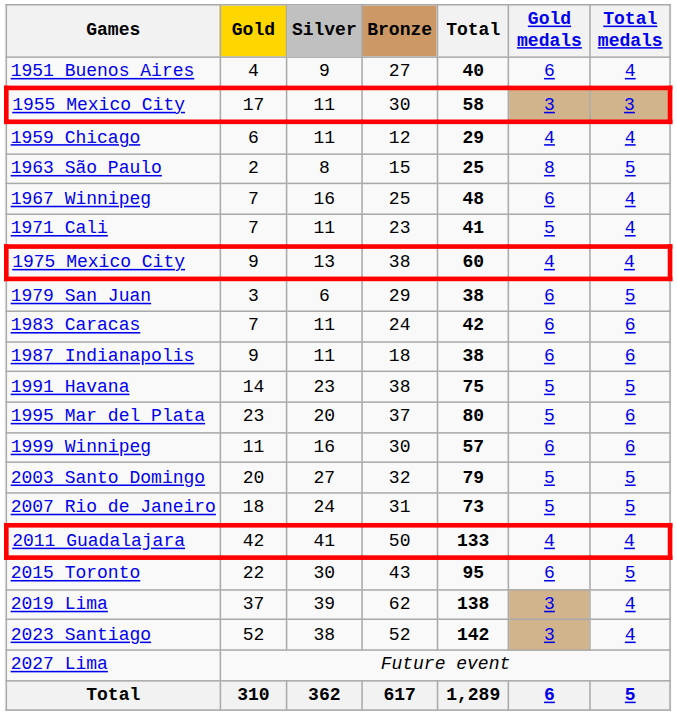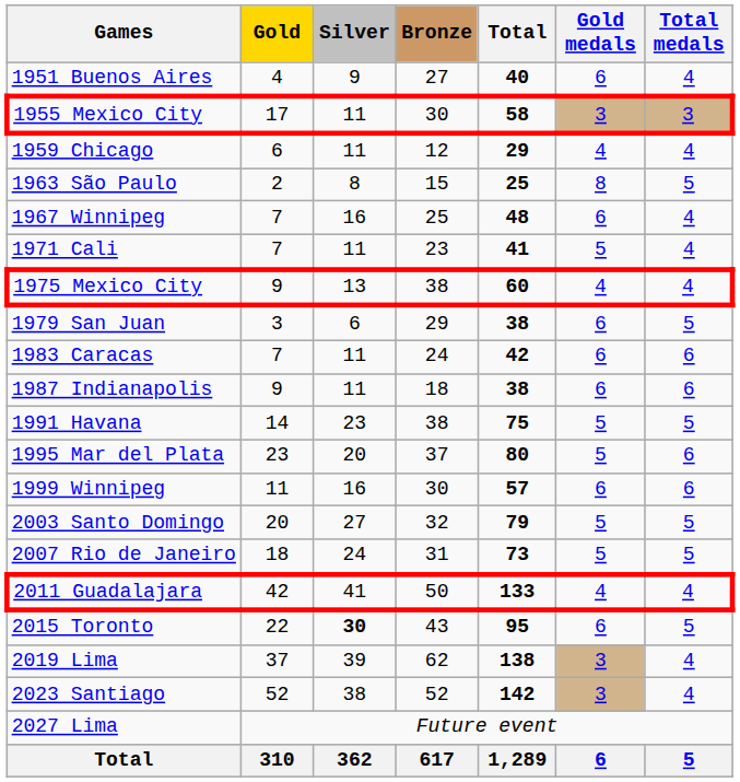 <table class="wikitable" style="text-align:center; font-size:90%;">
 <tr>
 <th>Games</th>
 <td style="background:gold; width:3.2em; font-weight:bold;">Gold</td>
 <td style="background:silver; width:3.7em; font-weight:bold;">Silver</td>
 <td style="background:#c96; width:3.7em; font-weight:bold;">Bronze</td>
 <th style="width:3.5em; font-weight:bold;">Total</th>
 <th style="width:4em; font-weight:bold;"><a href='#'>Gold medals</a></th>
 <th style="width:4em; font-weight:bold;"><a href='#'>Total medals</a></th>
 </tr>
 <tr>
 <td align="left"> <a href='#'>1951 Buenos Aires</a></td>
 <td>4</td>
 <td>9</td>
 <td>27</td>
 <td><strong>40</strong></td>
 <td><a href='#'>6</a></td>
 <td><a href='#'>4</a></td>
 </tr>
 <tr style="border: 3px solid red">
 <td align="left"> <a href='#'>1955 Mexico City</a></td>
 <td>17</td>
 <td>11</td>
 <td>30</td>
 <td><strong>58</strong></td>
 <td style="background:#D2B48C;"><a href='#'>3</a></td>
 <td style="background:#D2B48C;"><a href='#'>3</a></td>
 </tr>
 <tr>
 <td align="left"> <a href='#'>1959 Chicago</a></td>
 <td>6</td>
 <td>11</td>
 <td>12</td>
 <td><strong>29</strong></td>
 <td><a href='#'>4</a></td>
 <td><a href='#'>4</a></td>
 </tr>
 <tr>
 <td align="left"> <a href='#'>1963 São Paulo</a></td>
 <td>2</td>
 <td>8</td>
 <td>15</td>
 <td><strong>25</strong></td>
 <td><a href='#'>8</a></td>
 <td><a href='#'>5</a></td>
 </tr>
 <tr>
 <td align="left"> <a href='#'>1967 Winnipeg</a></td>
 <td>7</td>
 <td>16</td>
 <td>25</td>
 <td><strong>48</strong></td>
 <td><a href='#'>6</a></td>
 <td><a href='#'>4</a></td>
 </tr>
 <tr>
 <td align="left"> <a href='#'>1971 Cali</a></td>
 <td>7</td>
 <td>11</td>
 <td>23</td>
 <td><strong>41</strong></td>
 <td><a href='#'>5</a></td>
 <td><a href='#'>4</a></td>
 </tr>
 <tr style="border: 3px solid red">
 <td align="left"> <a href='#'>1975 Mexico City</a></td>
 <td>9</td>
 <td>13</td>
 <td>38</td>
 <td><strong>60</strong></td>
 <td><a href='#'>4</a></td>
 <td><a href='#'>4</a></td>
 </tr>
 <tr>
 <td align="left"> <a href='#'>1979 San Juan</a></td>
 <td>3</td>
 <td>6</td>
 <td>29</td>
 <td><strong>38</strong></td>
 <td><a href='#'>6</a></td>
 <td><a href='#'>5</a></td>
 </tr>
 <tr>
 <td align="left"> <a href='#'>1983 Caracas</a></td>
 <td>7</td>
 <td>11</td>
 <td>24</td>
 <td><strong>42</strong></td>
 <td><a href='#'>6</a></td>
 <td><a href='#'>6</a></td>
 </tr>
 <tr>
 <td align="left"> <a href='#'>1987 Indianapolis</a></td>
 <td>9</td>
 <td>11</td>
 <td>18</td>
 <td><strong>38</strong></td>
 <td><a href='#'>6</a></td>
 <td><a href='#'>6</a></td>
 </tr>
 <tr>
 <td align="left"> <a href='#'>1991 Havana</a></td>
 <td>14</td>
 <td>23</td>
 <td>38</td>
 <td><strong>75</strong></td>
 <td><a href='#'>5</a></td>
 <td><a href='#'>5</a></td>
 </tr>
 <tr>
 <td align="left"> <a href='#'>1995 Mar del Plata</a></td>
 <td>23</td>
 <td>20</td>
 <td>37</td>
 <td><strong>80</strong></td>
 <td><a href='#'>5</a></td>
 <td><a href='#'>6</a></td>
 </tr>
 <tr>
 <td align="left"> <a href='#'>1999 Winnipeg</a></td>
 <td>11</td>
 <td>16</td>
 <td>30</td>
 <td><strong>57</strong></td>
 <td><a href='#'>6</a></td>
 <td><a href='#'>6</a></td>
 </tr>
 <tr>
 <td align="left"> <a href='#'>2003 Santo Domingo</a></td>
 <td>20</td>
 <td>27</td>
 <td>32</td>
 <td><strong>79</strong></td>
 <td><a href='#'>5</a></td>
 <td><a href='#'>5</a></td>
 </tr>
 <tr>
 <td align="left"> <a href='#'>2007 Rio de Janeiro</a></td>
 <td>18</td>
 <td>24</td>
 <td>31</td>
 <td><strong>73</strong></td>
 <td><a href='#'>5</a></td>
 <td><a href='#'>5</a></td>
 </tr>
 <tr style="border: 3px solid red">
 <td align="left"> <a href='#'>2011 Guadalajara</a></td>
 <td>42</td>
 <td>41</td>
 <td>50</td>
 <td><strong>133</strong></td>
 <td><a href='#'>4</a></td>
 <td><a href='#'>4</a></td>
 </tr>
 <tr>
 <td align="left"> <a href='#'>2015 Toronto</a></td>
 <td>22</td>
-<td>30</td>
+<td><strong>30</strong></td>
 <td>43</td>
 <td><strong>95</strong></td>
 <td><a href='#'>6</a></td>
 <td><a href='#'>5</a></td>
 </tr>
 <tr>
 <td align="left"> <a href='#'>2019 Lima</a></td>
 <td>37</td>
 <td>39</td>
 <td>62</td>
 <td><strong>138</strong></td>
 <td style="background:#D2B48C;"><a href='#'>3</a></td>
 <td><a href='#'>4</a></td>
 </tr>
 <tr>
 <td align="left"> <a href='#'>2023 Santiago</a></td>
 <td>52</td>
 <td>38</td>
 <td>52</td>
 <td><strong>142</strong></td>
 <td style="background:#D2B48C;"><a href='#'>3</a></td>
 <td><a href='#'>4</a></td>
 </tr>
 <tr>
 <td align="left"> <a href='#'>2027 Lima</a></td>
 <td colspan="6" style="text-align:center;"><em>Future event</em></td>
 </tr>
 <tr>
 <th>Total</th>
 <th>310</th>
 <th>362</th>
 <th>617</th>
 <th>1,289</th>
 <th><a href='#'>6</a></th>
 <th><a href='#'>5</a></th>
 </tr>
 </table>
